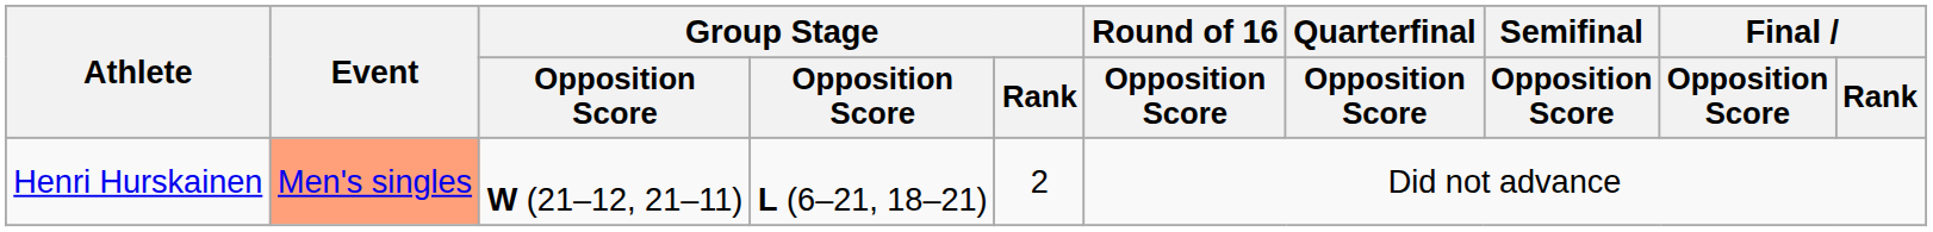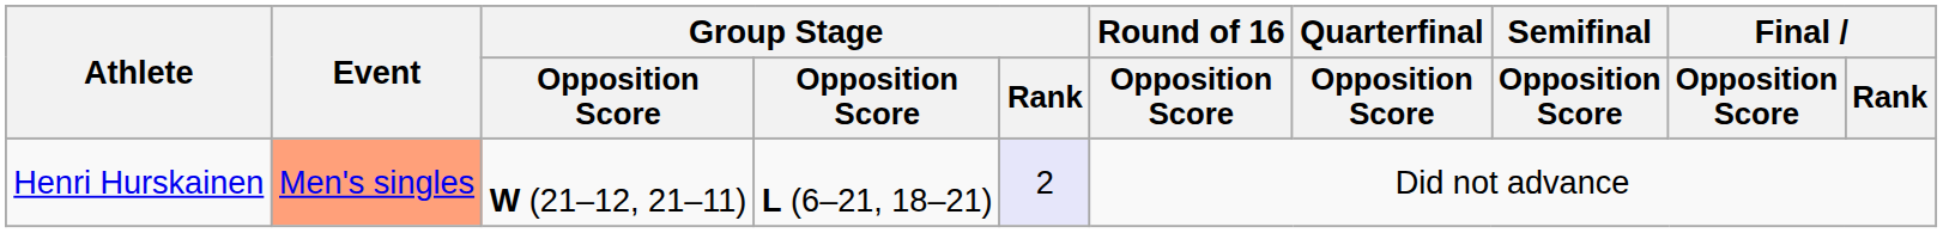 <table class="wikitable" style="font-size:90%">
 <tr>
 <th rowspan=2>Athlete</th>
 <th rowspan=2>Event</th>
 <th colspan=3>Group Stage</th>
 <th>Round of 16</th>
 <th>Quarterfinal</th>
 <th>Semifinal</th>
 <th colspan=2>Final / </th>
 </tr>
 <tr style="font-size:95%">
 <th>Opposition<br>Score</th>
 <th>Opposition<br>Score</th>
 <th>Rank</th>
 <th>Opposition<br>Score</th>
 <th>Opposition<br>Score</th>
 <th>Opposition<br>Score</th>
 <th>Opposition<br>Score</th>
 <th>Rank</th>
 </tr>
 <tr align=center>
 <td align=left><a href='#'>Henri Hurskainen</a></td>
 <td align=left style="background: lightsalmon;"><a href='#'>Men's singles</a></td>
 <td><br><strong>W</strong> (21–12, 21–11)</td>
 <td><br><strong>L</strong> (6–21, 18–21)</td>
-<td>2</td>
+<td style="background: lavender;">2</td>
 <td colspan=5>Did not advance</td>
 </tr>
 </table>
